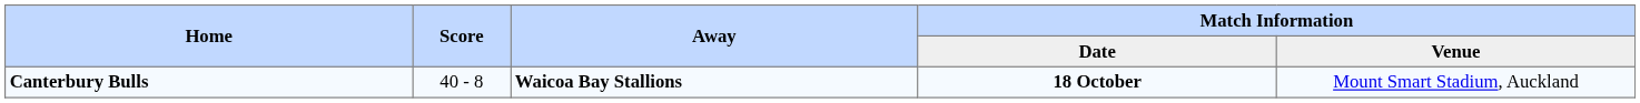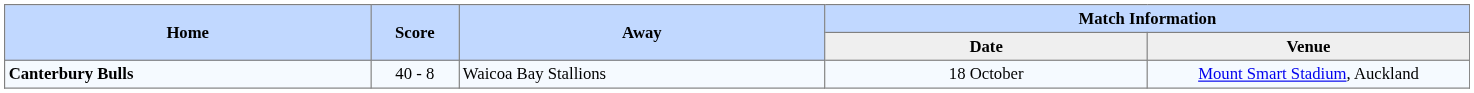 <table border=1 style="border-collapse:collapse; font-size:90%; text-align:center;" cellpadding=3 cellspacing=0 width=100%>
 <tr bgcolor=#C1D8FF>
 <th rowspan=2 width=25%>Home</th>
 <th rowspan=2 width=6%>Score</th>
 <th rowspan=2 width=25%>Away</th>
 <th colspan=6>Match Information</th>
 </tr>
 <tr bgcolor=#EFEFEF>
 <th width=22%>Date</th>
 <th width=22%>Venue</th>
 </tr>
 <tr bgcolor=#F5FAFF>
 <td align=left><strong>Canterbury Bulls</strong></td>
 <td>40 - 8</td>
-<td align=left><strong>Waicoa Bay Stallions</strong></td>
-<td><strong>18 October</strong></td>
+<td align=left>Waicoa Bay Stallions</td>
+<td>18 October</td>
 <td><a href='#'>Mount Smart Stadium</a>, Auckland</td>
 </tr>
 </table>
